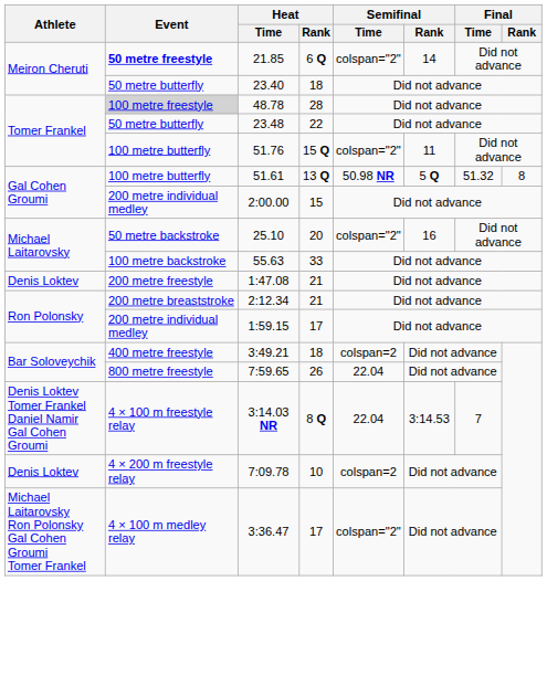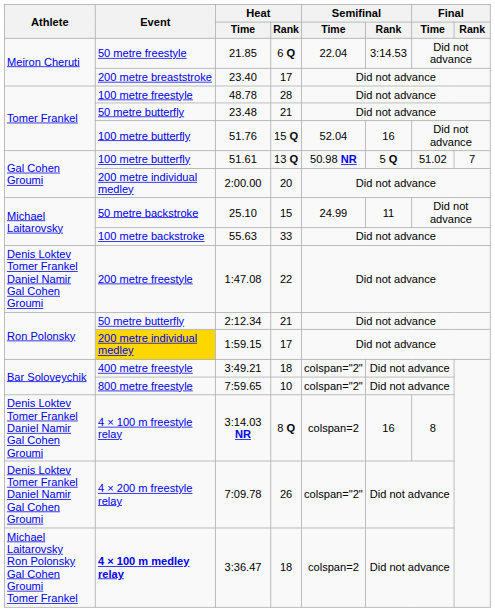 <table class="wikitable" style="text-align:center; font-size:90%; width:50%;">
 <tr>
 <th rowspan="2">Athlete</th>
 <th rowspan="2">Event</th>
 <th colspan="2">Heat</th>
 <th colspan="2">Semifinal</th>
 <th colspan="2">Final</th>
 </tr>
 <tr style="font-size:95%">
 <th>Time</th>
 <th>Rank</th>
 <th>Time</th>
 <th>Rank</th>
 <th>Time</th>
 <th>Rank</th>
 </tr>
 <tr>
 <td align=left rowspan=2><a href='#'>Meiron Cheruti</a></td>
-<td align=left><strong><a href='#'>50 metre freestyle</a></strong></td>
+<td align=left><a href='#'>50 metre freestyle</a></td>
 <td>21.85</td>
 <td>6 <strong>Q</strong></td>
-<td>colspan="2" </td>
-<td>14</td>
+<td>22.04</td>
+<td>3:14.53</td>
 <td colspan=2>Did not advance</td>
 </tr>
 <tr>
-<td align=left><a href='#'>50 metre butterfly</a></td>
+<td align=left><a href='#'>200 metre breaststroke</a></td>
 <td>23.40</td>
-<td>18</td>
+<td>17</td>
 <td colspan=4>Did not advance</td>
 </tr>
 <tr>
 <td align=left rowspan=3><a href='#'>Tomer Frankel</a></td>
-<td align=left style="background: lightgrey;"><a href='#'>100 metre freestyle</a></td>
+<td align=left><a href='#'>100 metre freestyle</a></td>
 <td>48.78</td>
 <td>28</td>
 <td colspan=4>Did not advance</td>
 </tr>
 <tr>
 <td align=left><a href='#'>50 metre butterfly</a></td>
 <td>23.48</td>
-<td>22</td>
+<td>21</td>
 <td colspan=4>Did not advance</td>
 </tr>
 <tr>
 <td align=left><a href='#'>100 metre butterfly</a></td>
 <td>51.76</td>
 <td>15 <strong>Q</strong></td>
-<td>colspan="2" </td>
-<td>11</td>
+<td>52.04</td>
+<td>16</td>
 <td colspan=2>Did not advance</td>
 </tr>
 <tr>
 <td align=left rowspan=2><a href='#'>Gal Cohen Groumi</a></td>
 <td align=left><a href='#'>100 metre butterfly</a></td>
 <td>51.61</td>
 <td>13 <strong>Q</strong></td>
 <td>50.98 <strong><a href='#'>NR</a></strong></td>
 <td>5 <strong>Q</strong></td>
-<td>51.32</td>
-<td>8</td>
+<td>51.02</td>
+<td>7</td>
 </tr>
 <tr>
 <td align=left><a href='#'>200 metre individual medley</a></td>
 <td>2:00.00</td>
-<td>15</td>
+<td>20</td>
 <td colspan=4>Did not advance</td>
 </tr>
 <tr>
 <td align=left rowspan=2><a href='#'>Michael Laitarovsky</a></td>
 <td align=left><a href='#'>50 metre backstroke</a></td>
 <td>25.10</td>
-<td>20</td>
-<td>colspan="2" </td>
-<td>16</td>
+<td>15</td>
+<td>24.99</td>
+<td>11</td>
 <td colspan=2>Did not advance</td>
 </tr>
 <tr>
 <td align=left><a href='#'>100 metre backstroke</a></td>
 <td>55.63</td>
 <td>33</td>
 <td colspan=4>Did not advance</td>
 </tr>
 <tr>
-<td align=left><a href='#'>Denis Loktev</a></td>
+<td align=left><a href='#'>Denis Loktev</a> <br><a href='#'>Tomer Frankel</a> <br><a href='#'>Daniel Namir</a> <br><a href='#'>Gal Cohen Groumi</a></td>
 <td align=left><a href='#'>200 metre freestyle</a></td>
 <td>1:47.08</td>
-<td>21</td>
+<td>22</td>
 <td colspan=4>Did not advance</td>
 </tr>
 <tr>
 <td align=left rowspan=2><a href='#'>Ron Polonsky</a></td>
-<td align=left><a href='#'>200 metre breaststroke</a></td>
+<td align=left><a href='#'>50 metre butterfly</a></td>
 <td>2:12.34</td>
 <td>21</td>
 <td colspan=4>Did not advance</td>
 </tr>
 <tr>
-<td align=left><a href='#'>200 metre individual medley</a></td>
+<td align=left style="background: gold;"><a href='#'>200 metre individual medley</a></td>
 <td>1:59.15</td>
 <td>17</td>
 <td colspan=4>Did not advance</td>
 </tr>
 <tr>
 <td align=left rowspan=2><a href='#'>Bar Soloveychik</a></td>
 <td align=left><a href='#'>400 metre freestyle</a></td>
 <td>3:49.21</td>
 <td>18</td>
-<td>colspan=2 </td>
+<td>colspan="2" </td>
 <td colspan="2">Did not advance</td>
 </tr>
 <tr>
 <td align=left><a href='#'>800 metre freestyle</a></td>
 <td>7:59.65</td>
-<td>26</td>
-<td>22.04</td>
+<td>10</td>
+<td>colspan="2" </td>
 <td colspan="2">Did not advance</td>
 </tr>
 <tr>
 <td align=left><a href='#'>Denis Loktev</a> <br><a href='#'>Tomer Frankel</a> <br><a href='#'>Daniel Namir</a> <br><a href='#'>Gal Cohen Groumi</a></td>
 <td align=left><a href='#'>4 × 100 m freestyle relay</a></td>
 <td>3:14.03 <strong><a href='#'>NR</a></strong></td>
 <td>8 <strong>Q</strong></td>
-<td>22.04</td>
-<td>3:14.53</td>
-<td>7</td>
+<td>colspan=2 </td>
+<td>16</td>
+<td>8</td>
 </tr>
 <tr>
-<td align=left><a href='#'>Denis Loktev</a></td>
+<td align=left><a href='#'>Denis Loktev</a> <br><a href='#'>Tomer Frankel</a> <br><a href='#'>Daniel Namir</a> <br><a href='#'>Gal Cohen Groumi</a></td>
 <td align=left><a href='#'>4 × 200 m freestyle relay</a></td>
 <td>7:09.78</td>
-<td>10</td>
-<td>colspan=2 </td>
+<td>26</td>
+<td>colspan="2" </td>
 <td colspan="2">Did not advance</td>
 </tr>
 <tr>
 <td align=left><a href='#'>Michael Laitarovsky</a> <br><a href='#'>Ron Polonsky</a> <br><a href='#'>Gal Cohen Groumi</a> <br><a href='#'>Tomer Frankel</a></td>
-<td align=left><a href='#'>4 × 100 m medley relay</a></td>
+<td align=left><strong><a href='#'>4 × 100 m medley relay</a></strong></td>
 <td>3:36.47</td>
-<td>17</td>
-<td>colspan="2" </td>
+<td>18</td>
+<td>colspan=2 </td>
 <td colspan=2>Did not advance</td>
 </tr>
 </table>
